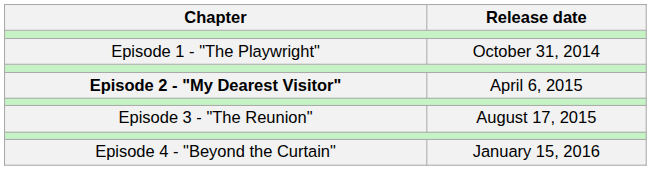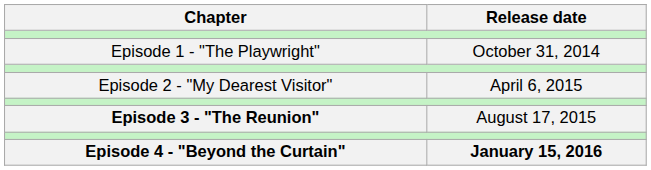 <table class="wikitable" style="width:100%;">
 <tr style="text-align: center;">
 <th>Chapter</th>
 <th>Release date</th>
 </tr>
 <tr>
 <td colspan="2" style="background:#c5f3c6;"></td>
 </tr>
 <tr style="background:#f2f2f2; text-align:center;">
 <td>Episode 1 - "The Playwright"</td>
 <td>October 31, 2014</td>
 </tr>
 <tr>
 <td colspan="2" style="background:#c5f3c6;"></td>
 </tr>
 <tr style="background:#f2f2f2; text-align:center;">
-<td><strong>Episode 2 - "My Dearest Visitor"</strong></td>
+<td>Episode 2 - "My Dearest Visitor"</td>
 <td>April 6, 2015</td>
 </tr>
 <tr>
 <td colspan="2" style="background:#c5f3c6;"></td>
 </tr>
 <tr style="background:#f2f2f2; text-align:center;">
-<td>Episode 3 - "The Reunion"</td>
+<td><strong>Episode 3 - "The Reunion"</strong></td>
 <td>August 17, 2015</td>
 </tr>
 <tr>
 <td colspan="2" style="background:#c5f3c6;"></td>
 </tr>
 <tr style="background:#f2f2f2; text-align:center;">
-<td>Episode 4 - "Beyond the Curtain"</td>
-<td>January 15, 2016</td>
+<td><strong>Episode 4 - "Beyond the Curtain"</strong></td>
+<td><strong>January 15, 2016</strong></td>
 </tr>
 </table>
